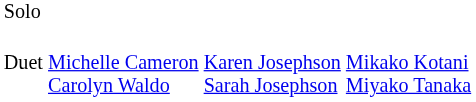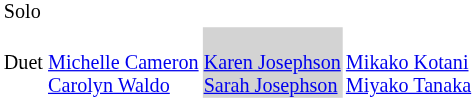 <table>
 <tr>
 <td>Solo<br></td>
 <td></td>
 <td></td>
 <td></td>
 </tr>
 <tr>
 <td>Duet<br></td>
 <td><br><a href='#'>Michelle Cameron</a><br><a href='#'>Carolyn Waldo</a></td>
-<td><br><a href='#'>Karen Josephson</a><br><a href='#'>Sarah Josephson</a></td>
+<td style="background: lightgrey;"><br><a href='#'>Karen Josephson</a><br><a href='#'>Sarah Josephson</a></td>
 <td><br><a href='#'>Mikako Kotani</a><br><a href='#'>Miyako Tanaka</a></td>
 </tr>
 </table>
